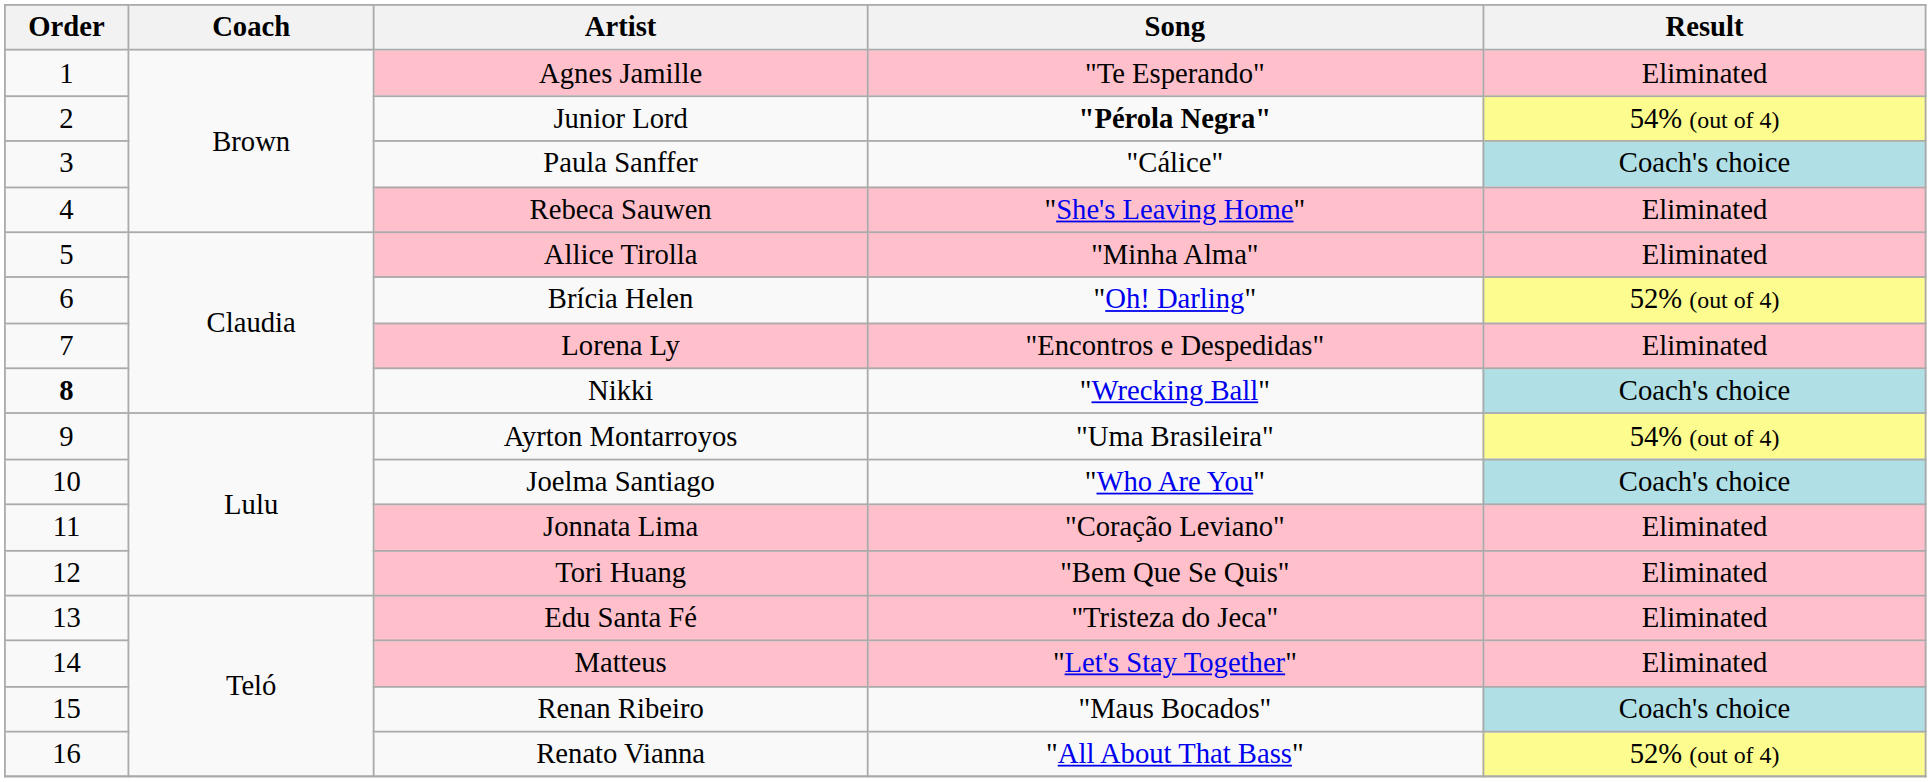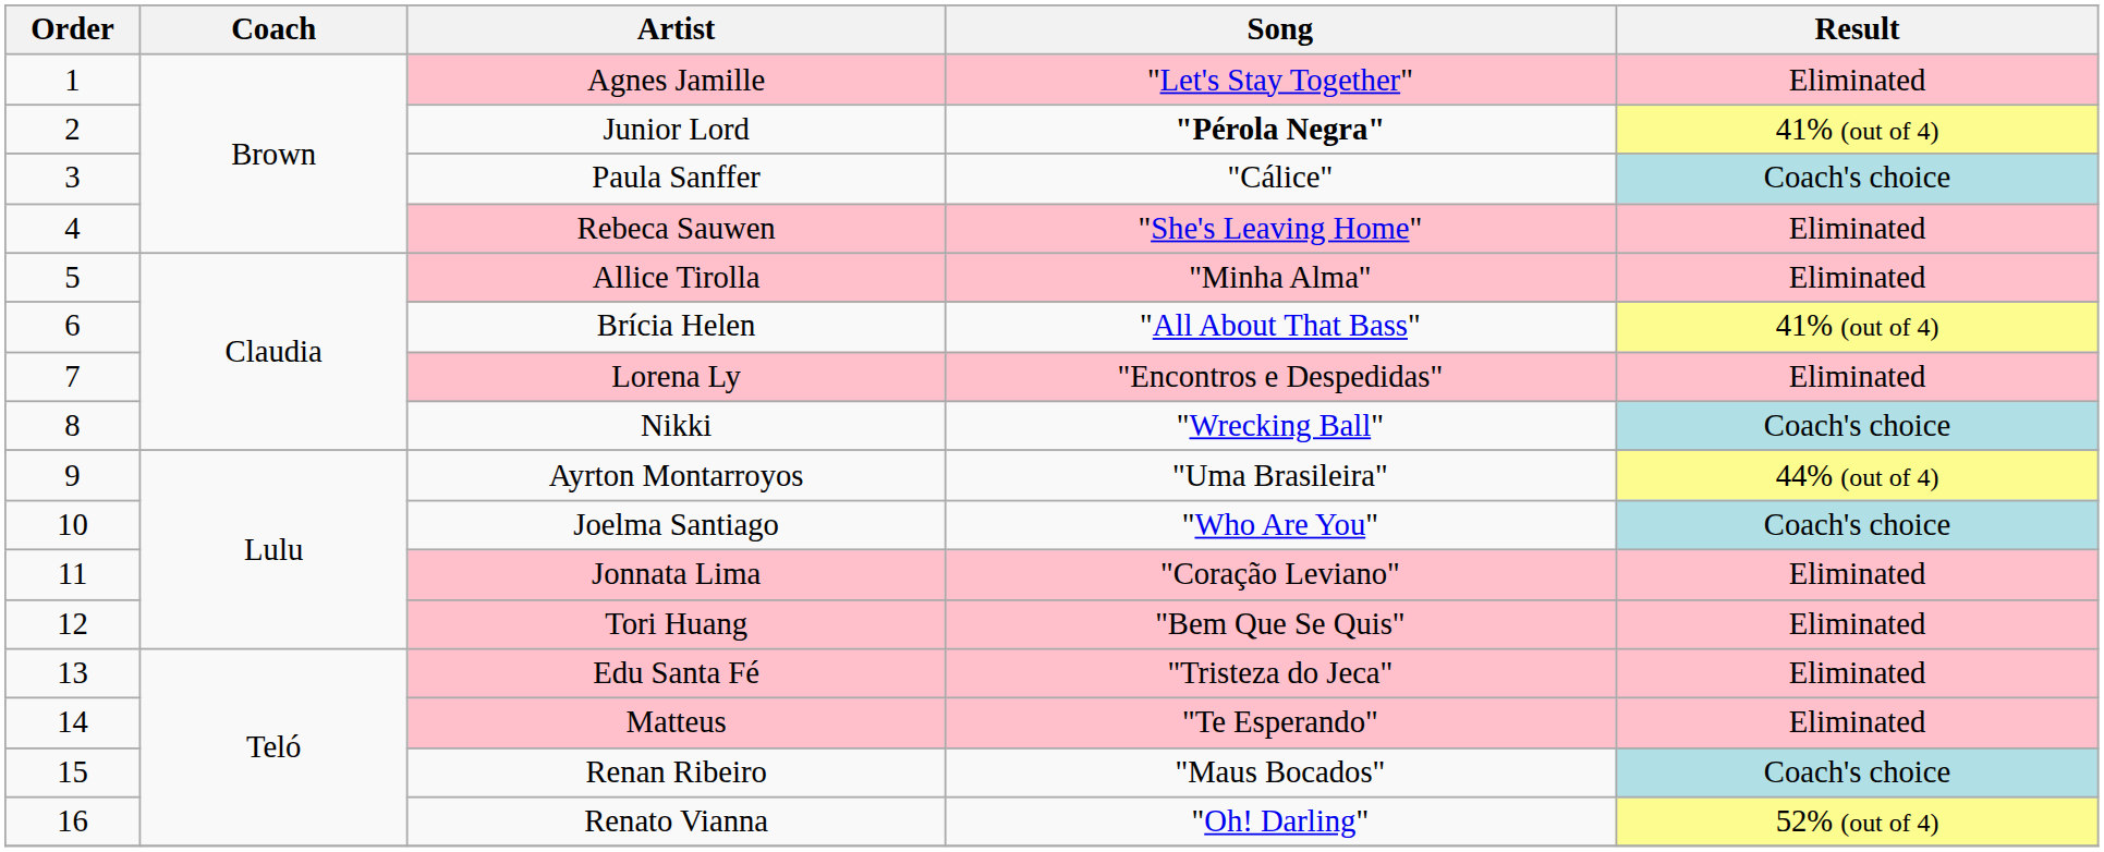 <table class="wikitable" style="text-align:center; width:85%;">
 <tr>
 <th scope="col" width="05%">Order</th>
 <th scope="col" width="10%">Coach</th>
 <th scope="col" width="20%">Artist</th>
 <th scope="col" width="25%">Song</th>
 <th scope="col" width="18%">Result</th>
 </tr>
 <tr>
 <td>1</td>
 <td rowspan=4>Brown</td>
 <td bgcolor="FFC0CB">Agnes Jamille</td>
-<td bgcolor="FFC0CB">"Te Esperando"</td>
+<td bgcolor="FFC0CB">"<a href='#'>Let's Stay Together</a>"</td>
 <td bgcolor="FFC0CB">Eliminated</td>
 </tr>
 <tr>
 <td>2</td>
 <td>Junior Lord</td>
 <td><strong>"Pérola Negra"</strong></td>
-<td bgcolor="FDFC8F">54% <small>(out of 4)</small></td>
+<td bgcolor="FDFC8F">41% <small>(out of 4)</small></td>
 </tr>
 <tr>
 <td>3</td>
 <td>Paula Sanffer</td>
 <td>"Cálice"</td>
 <td bgcolor="B0E0E6">Coach's choice</td>
 </tr>
 <tr>
 <td>4</td>
 <td bgcolor="FFC0CB">Rebeca Sauwen</td>
 <td bgcolor="FFC0CB">"<a href='#'>She's Leaving Home</a>"</td>
 <td bgcolor="FFC0CB">Eliminated</td>
 </tr>
 <tr>
 <td>5</td>
 <td rowspan=4>Claudia</td>
 <td bgcolor="FFC0CB">Allice Tirolla</td>
 <td bgcolor="FFC0CB">"Minha Alma"</td>
 <td bgcolor="FFC0CB">Eliminated</td>
 </tr>
 <tr>
 <td>6</td>
 <td>Brícia Helen</td>
-<td>"<a href='#'>Oh! Darling</a>"</td>
-<td bgcolor="FDFC8F">52% <small>(out of 4)</small></td>
+<td>"<a href='#'>All About That Bass</a>"</td>
+<td bgcolor="FDFC8F">41% <small>(out of 4)</small></td>
 </tr>
 <tr>
 <td>7</td>
 <td bgcolor="FFC0CB">Lorena Ly</td>
 <td bgcolor="FFC0CB">"Encontros e Despedidas"</td>
 <td bgcolor="FFC0CB">Eliminated</td>
 </tr>
 <tr>
-<td><strong>8</strong></td>
+<td>8</td>
 <td>Nikki</td>
 <td>"<a href='#'>Wrecking Ball</a>"</td>
 <td bgcolor="B0E0E6">Coach's choice</td>
 </tr>
 <tr>
 <td>9</td>
 <td rowspan=4>Lulu</td>
 <td>Ayrton Montarroyos</td>
 <td>"Uma Brasileira"</td>
-<td bgcolor="FDFC8F">54% <small>(out of 4)</small></td>
+<td bgcolor="FDFC8F">44% <small>(out of 4)</small></td>
 </tr>
 <tr>
 <td>10</td>
 <td>Joelma Santiago</td>
 <td>"<a href='#'>Who Are You</a>"</td>
 <td bgcolor="B0E0E6">Coach's choice</td>
 </tr>
 <tr>
 <td>11</td>
 <td bgcolor="FFC0CB">Jonnata Lima</td>
 <td bgcolor="FFC0CB">"Coração Leviano"</td>
 <td bgcolor="FFC0CB">Eliminated</td>
 </tr>
 <tr>
 <td>12</td>
 <td bgcolor="FFC0CB">Tori Huang</td>
 <td bgcolor="FFC0CB">"Bem Que Se Quis"</td>
 <td bgcolor="FFC0CB">Eliminated</td>
 </tr>
 <tr>
 <td>13</td>
 <td rowspan=4>Teló</td>
 <td bgcolor="FFC0CB">Edu Santa Fé</td>
 <td bgcolor="FFC0CB">"Tristeza do Jeca"</td>
 <td bgcolor="FFC0CB">Eliminated</td>
 </tr>
 <tr>
 <td>14</td>
 <td bgcolor="FFC0CB">Matteus</td>
-<td bgcolor="FFC0CB">"<a href='#'>Let's Stay Together</a>"</td>
+<td bgcolor="FFC0CB">"Te Esperando"</td>
 <td bgcolor="FFC0CB">Eliminated</td>
 </tr>
 <tr>
 <td>15</td>
 <td>Renan Ribeiro</td>
 <td>"Maus Bocados"</td>
 <td bgcolor="B0E0E6">Coach's choice</td>
 </tr>
 <tr>
 <td>16</td>
 <td>Renato Vianna</td>
-<td>"<a href='#'>All About That Bass</a>"</td>
+<td>"<a href='#'>Oh! Darling</a>"</td>
 <td bgcolor="FDFC8F">52% <small>(out of 4)</small></td>
 </tr>
 <tr>
 </tr>
 </table>
